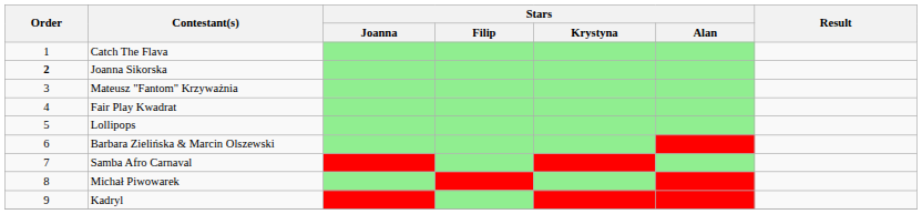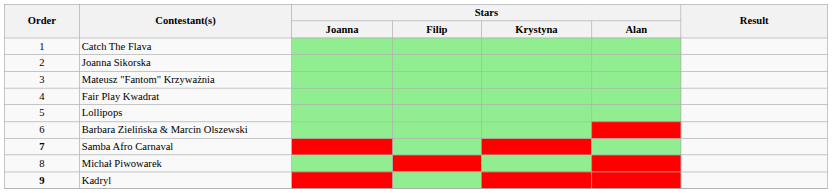 <table class="wikitable">
 <tr>
 <th style="width:2%;" rowspan="2">Order</th>
 <th style="width:7%;" rowspan="2">Contestant(s)</th>
 <th style="width:9%;" colspan="4">Stars</th>
 <th style="width:5%;" rowspan="2">Result</th>
 </tr>
 <tr>
 <th style="width:3%;">Joanna</th>
 <th style="width:3%;">Filip</th>
 <th style="width:3%;">Krystyna</th>
 <th style="width:3%;">Alan</th>
 </tr>
 <tr>
 <td style="text-align:center">1</td>
 <td>Catch The Flava</td>
 <td bgcolor="lightgreen"></td>
 <td bgcolor="lightgreen"></td>
 <td bgcolor="lightgreen"></td>
 <td bgcolor="lightgreen"></td>
 <td></td>
 </tr>
 <tr>
-<td style="text-align:center"><strong>2</strong></td>
+<td style="text-align:center">2</td>
 <td>Joanna Sikorska</td>
 <td bgcolor="lightgreen"></td>
 <td bgcolor="lightgreen"></td>
 <td bgcolor="lightgreen"></td>
 <td bgcolor="lightgreen"></td>
 <td></td>
 </tr>
 <tr>
 <td style="text-align:center">3</td>
 <td>Mateusz "Fantom" Krzyważnia</td>
 <td bgcolor="lightgreen"></td>
 <td bgcolor="lightgreen"></td>
 <td bgcolor="lightgreen"></td>
 <td bgcolor="lightgreen"></td>
 <td></td>
 </tr>
 <tr>
 <td style="text-align:center">4</td>
 <td>Fair Play Kwadrat</td>
 <td bgcolor="lightgreen"></td>
 <td bgcolor="lightgreen"></td>
 <td bgcolor="lightgreen"></td>
 <td bgcolor="lightgreen"></td>
 <td></td>
 </tr>
 <tr>
 <td style="text-align:center">5</td>
 <td>Lollipops</td>
 <td bgcolor="lightgreen"></td>
 <td bgcolor="lightgreen"></td>
 <td bgcolor="lightgreen"></td>
 <td bgcolor="lightgreen"></td>
 <td></td>
 </tr>
 <tr>
 <td style="text-align:center">6</td>
 <td>Barbara Zielińska & Marcin Olszewski</td>
 <td bgcolor="lightgreen"></td>
 <td bgcolor="lightgreen"></td>
 <td bgcolor="lightgreen"></td>
 <td bgcolor="red"></td>
 <td></td>
 </tr>
 <tr>
-<td style="text-align:center">7</td>
+<td style="text-align:center"><strong>7</strong></td>
 <td>Samba Afro Carnaval</td>
 <td bgcolor="red"></td>
 <td bgcolor="lightgreen"></td>
 <td bgcolor="red"></td>
 <td bgcolor="lightgreen"></td>
 <td></td>
 </tr>
 <tr>
 <td style="text-align:center">8</td>
 <td>Michał Piwowarek</td>
 <td bgcolor="lightgreen"></td>
 <td bgcolor="red"></td>
 <td bgcolor="lightgreen"></td>
 <td bgcolor="red"></td>
 <td></td>
 </tr>
 <tr>
-<td style="text-align:center">9</td>
+<td style="text-align:center"><strong>9</strong></td>
 <td>Kadryl</td>
 <td bgcolor="red"></td>
 <td bgcolor="lightgreen"></td>
 <td bgcolor="red"></td>
 <td bgcolor="red"></td>
 <td></td>
 </tr>
 <tr>
 </tr>
 </table>
